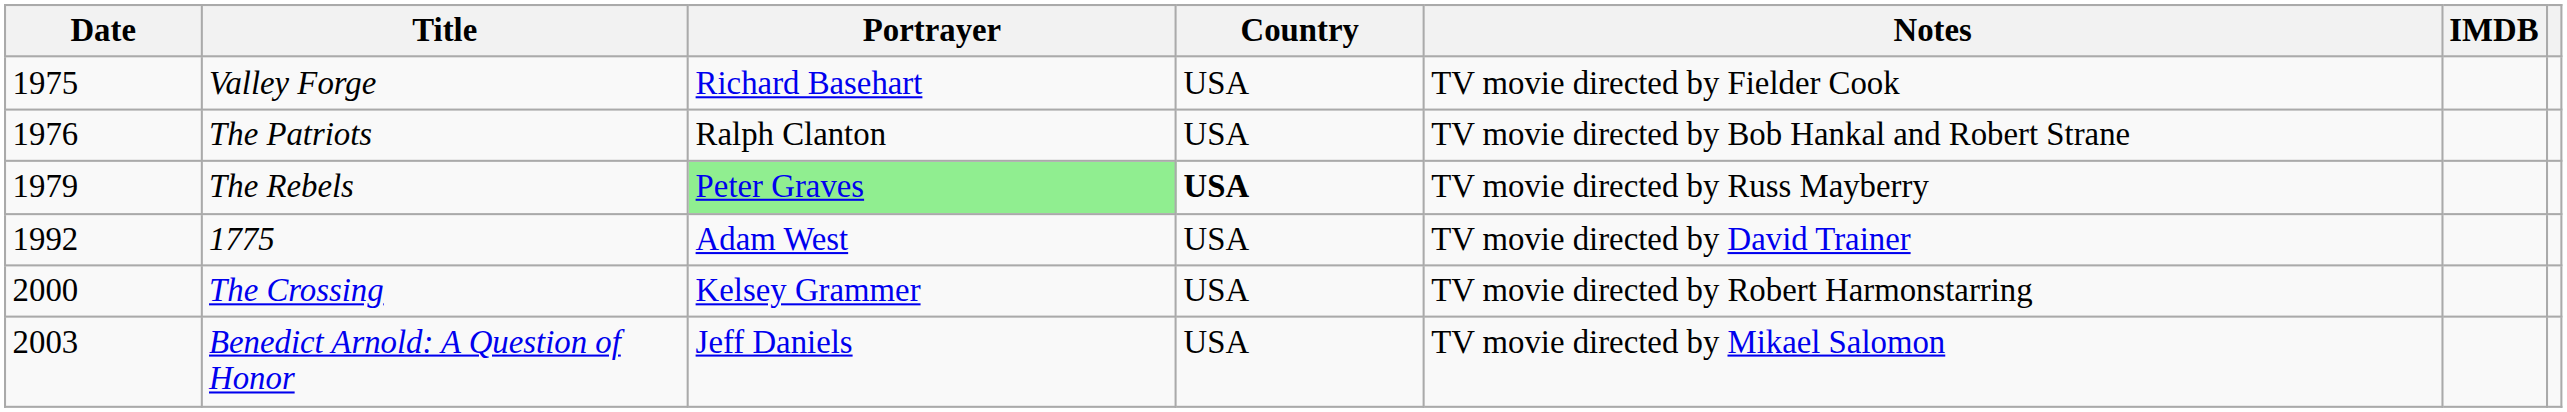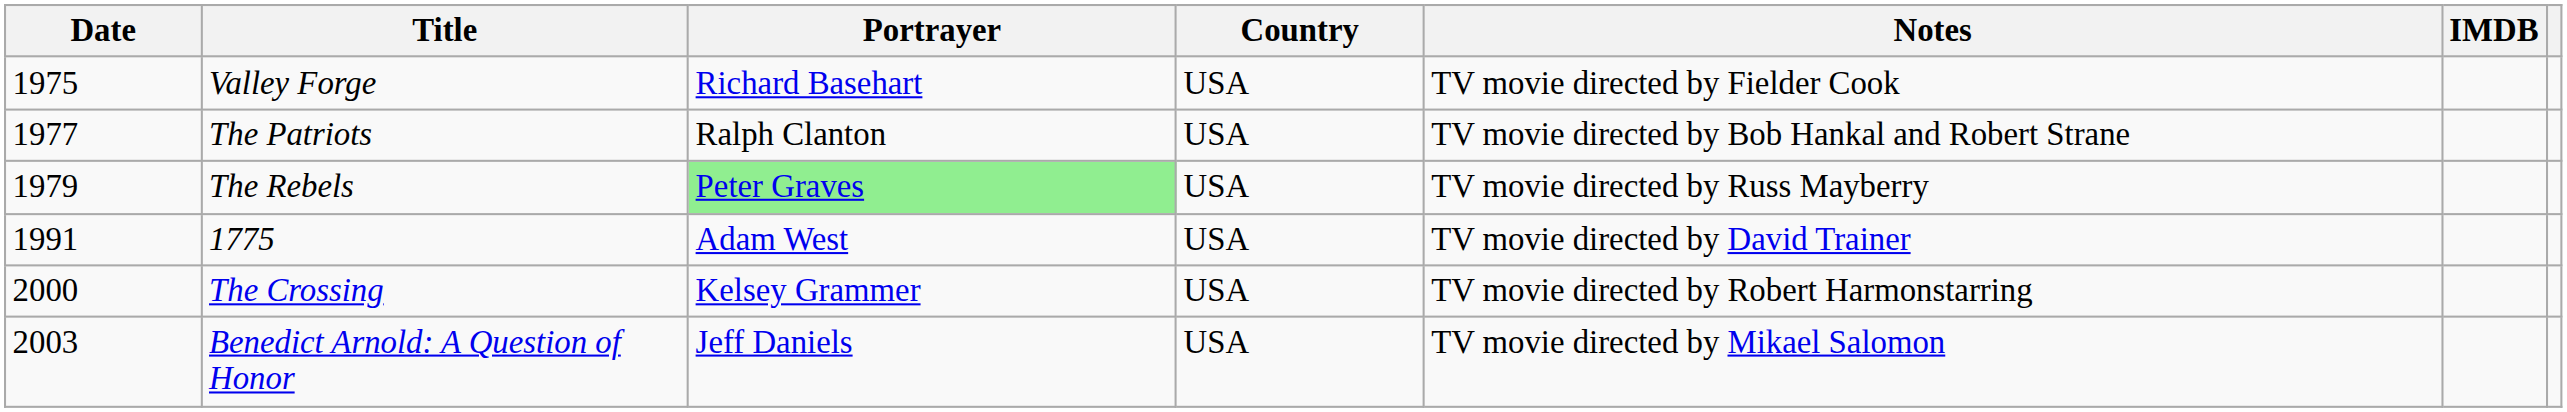 <table class="wikitable sortable">
 <tr>
 <th width="8%">Date</th>
 <th width="20%">Title</th>
 <th width="20%">Portrayer</th>
 <th width="10%">Country</th>
 <th width="53%">Notes</th>
 <th width="5%">IMDB</th>
 <th width="5%"></th>
 </tr>
 <tr valign="top">
 <td>1975</td>
 <td><em>Valley Forge</em></td>
 <td><a href='#'>Richard Basehart</a></td>
 <td>USA</td>
 <td>TV movie directed by Fielder Cook</td>
 <td></td>
 <td></td>
 </tr>
 <tr valign="top">
-<td>1976</td>
+<td>1977</td>
 <td><em>The Patriots</em></td>
 <td>Ralph Clanton</td>
 <td>USA</td>
 <td>TV movie directed by Bob Hankal and Robert Strane</td>
 <td></td>
 <td></td>
 </tr>
 <tr valign="top">
 <td>1979</td>
 <td><em>The Rebels</em></td>
 <td style="background: lightgreen;"><a href='#'>Peter Graves</a></td>
-<td><strong>USA</strong></td>
+<td>USA</td>
 <td>TV movie directed by Russ Mayberry</td>
 <td></td>
 <td></td>
 </tr>
 <tr valign="top">
-<td>1992</td>
+<td>1991</td>
 <td><em>1775</em></td>
 <td><a href='#'>Adam West</a></td>
 <td>USA</td>
 <td>TV movie directed by <a href='#'>David Trainer</a></td>
 <td></td>
 <td></td>
 </tr>
 <tr valign="top">
 <td>2000</td>
 <td><em><a href='#'>The Crossing</a></em></td>
 <td><a href='#'>Kelsey Grammer</a></td>
 <td>USA</td>
 <td>TV movie directed by Robert Harmonstarring</td>
 <td></td>
 <td></td>
 </tr>
 <tr valign="top">
 <td>2003</td>
 <td><em><a href='#'>Benedict Arnold: A Question of Honor</a></em></td>
 <td><a href='#'>Jeff Daniels</a></td>
 <td>USA</td>
 <td>TV movie directed by <a href='#'>Mikael Salomon</a></td>
 <td></td>
 <td></td>
 </tr>
 </table>
